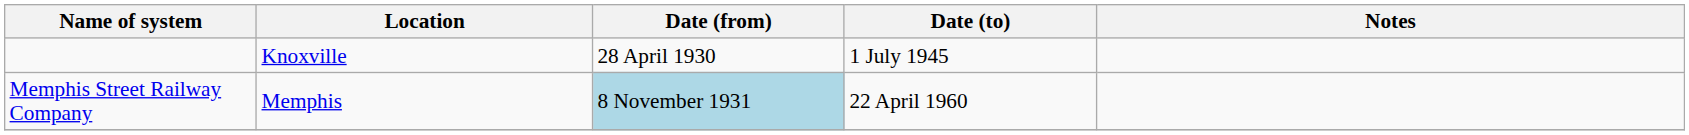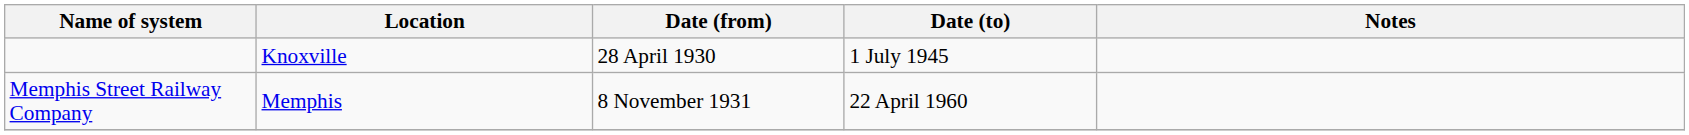 <table class="wikitable" width=100%>
 <tr>
 <th width=15%>Name of system</th>
 <th width=20%>Location</th>
 <th width=15%>Date (from)</th>
 <th width=15%>Date (to)</th>
 <th width=35%>Notes</th>
 </tr>
 <tr>
 <td> </td>
 <td><a href='#'>Knoxville</a></td>
 <td>28 April 1930</td>
 <td>1 July 1945</td>
 <td> </td>
 </tr>
 <tr>
 <td><a href='#'>Memphis Street Railway Company</a></td>
 <td><a href='#'>Memphis</a></td>
-<td style="background: lightblue;">8 November 1931</td>
+<td>8 November 1931</td>
 <td>22 April 1960</td>
 <td> </td>
 </tr>
 <tr>
 </tr>
 </table>
